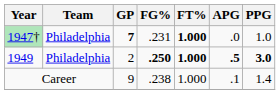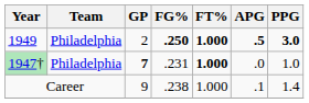 <table class="wikitable sortable" style="font-size:95%; text-align:right;">
 <tr>
 <th>Year</th>
 <th>Team</th>
 <th>GP</th>
 <th>FG%</th>
 <th>FT%</th>
 <th>APG</th>
 <th>PPG</th>
 </tr>
 <tr>
+<td style="text-align:left;"><a href='#'>1949</a></td>
+<td style="text-align:left;"><a href='#'>Philadelphia</a></td>
+<td>2</td>
+<td><strong>.250</strong></td>
+<td><strong>1.000</strong></td>
+<td><strong>.5</strong></td>
+<td><strong>3.0</strong></td>
+</tr>
+<tr>
 <td style="text-align:left;background:#afe6ba"><a href='#'>1947</a>†</td>
 <td style="text-align:left;"><a href='#'>Philadelphia</a></td>
 <td><strong>7</strong></td>
 <td>.231</td>
 <td><strong>1.000</strong></td>
 <td>.0</td>
 <td>1.0</td>
-</tr>
-<tr>
-<td style="text-align:left;"><a href='#'>1949</a></td>
-<td style="text-align:left;"><a href='#'>Philadelphia</a></td>
-<td>2</td>
-<td><strong>.250</strong></td>
-<td><strong>1.000</strong></td>
-<td><strong>.5</strong></td>
-<td><strong>3.0</strong></td>
 </tr>
 <tr>
 <td style="text-align:center;" colspan="2">Career</td>
 <td>9</td>
 <td>.238</td>
 <td>1.000</td>
 <td>.1</td>
 <td>1.4</td>
 </tr>
 <tr>
 </tr>
 </table>
